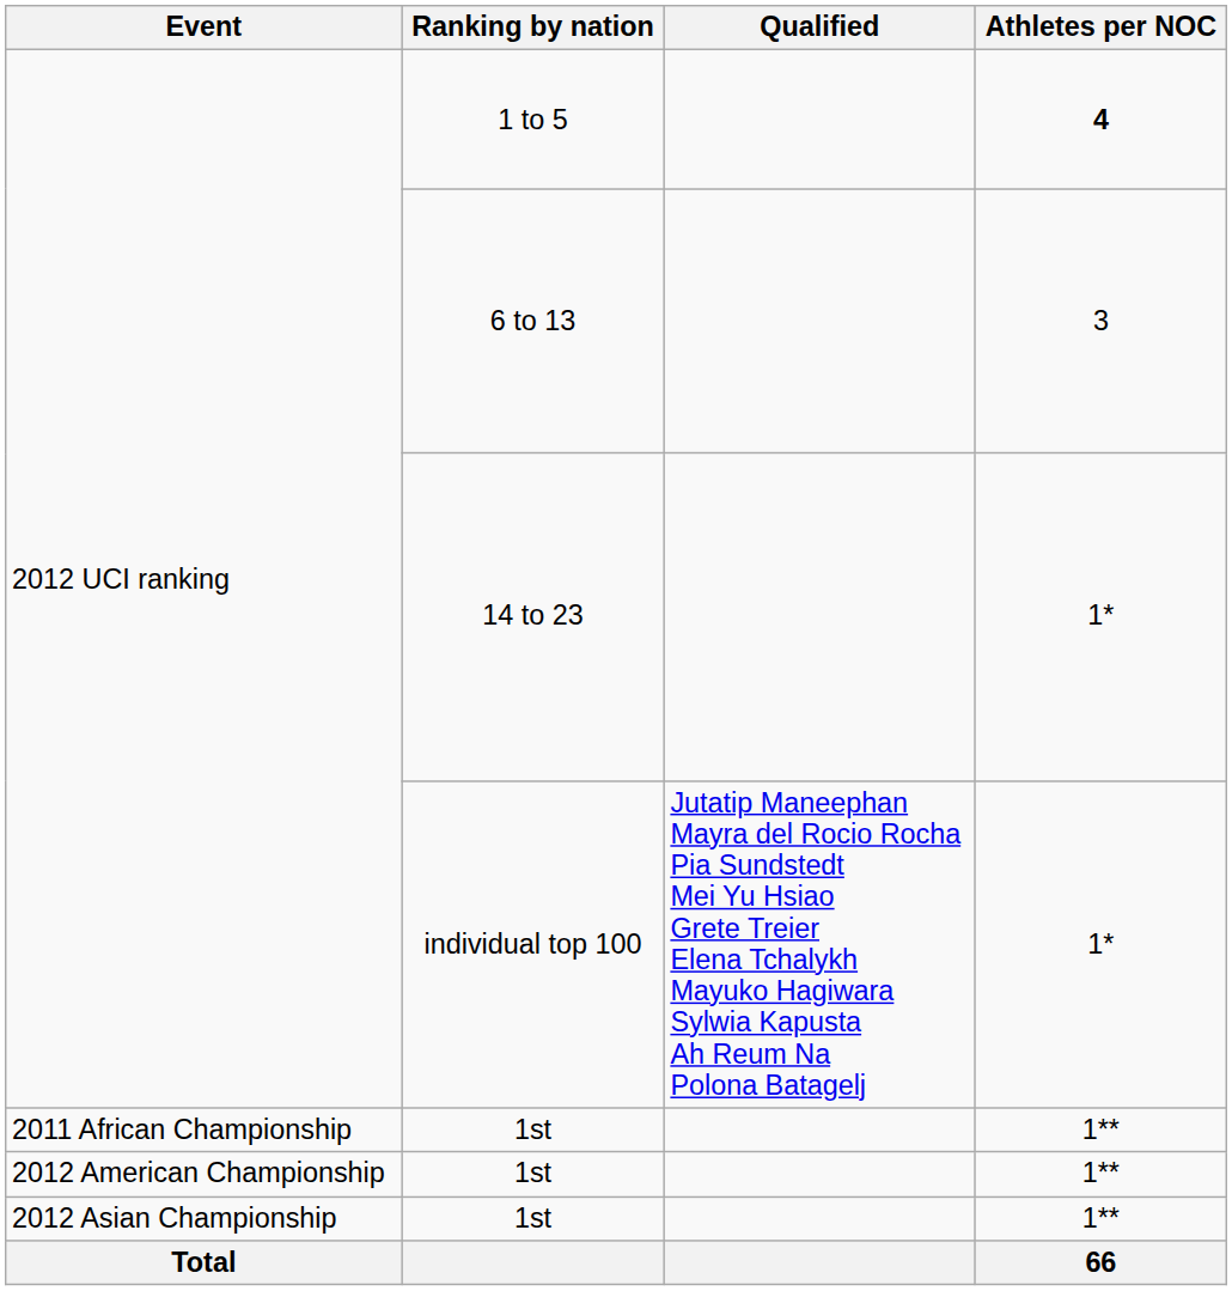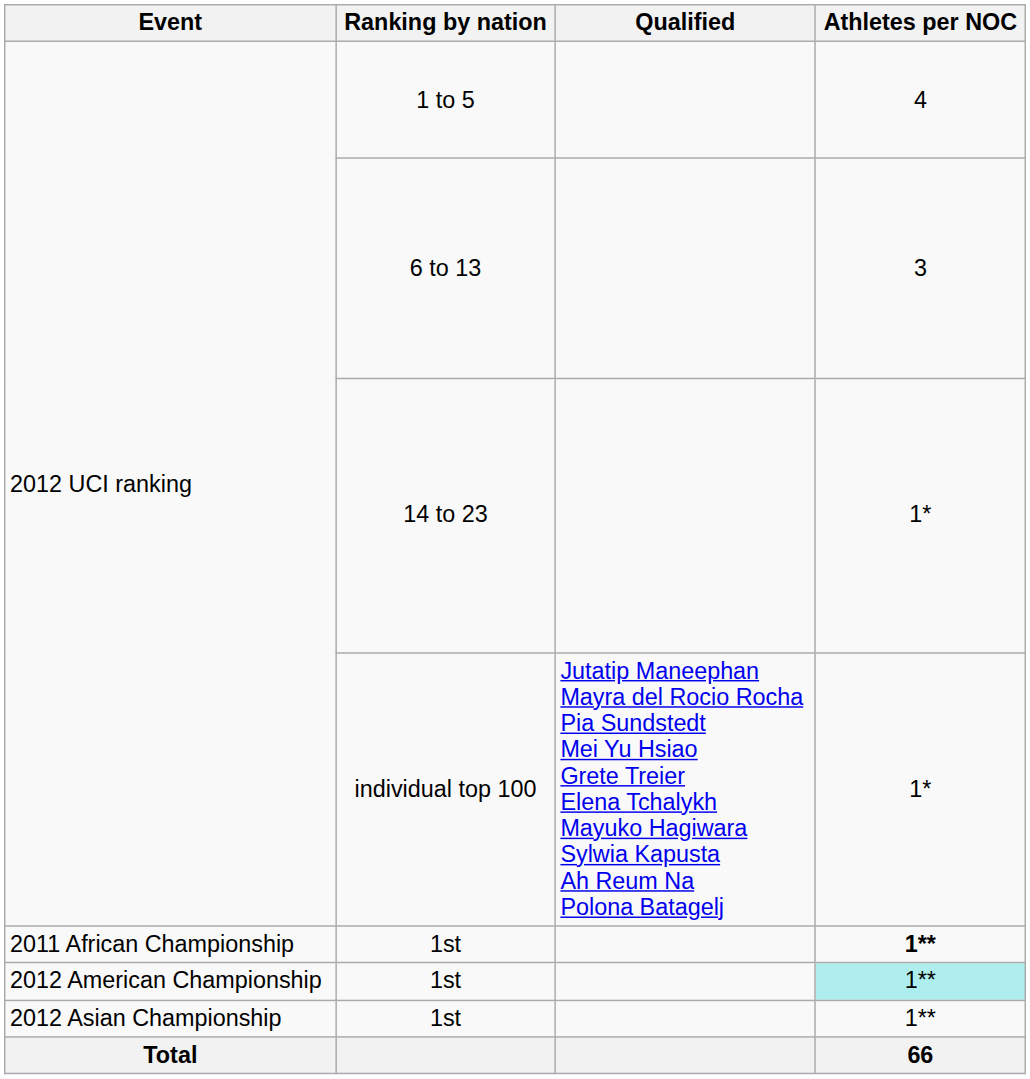 <table class="wikitable"  style="width:700px; text-align:center;">
 <tr>
 <th>Event</th>
 <th>Ranking by nation</th>
 <th>Qualified</th>
 <th>Athletes per NOC</th>
 </tr>
 <tr>
 <td rowspan="4" style="text-align:left;">2012 UCI ranking </td>
 <td>1 to 5</td>
 <td align="left"><br><br><br><br></td>
-<td><strong>4</strong></td>
+<td>4</td>
 </tr>
 <tr>
 <td>6 to 13</td>
 <td align="left"><br><br><br><br><br><br><br><br></td>
 <td>3</td>
 </tr>
 <tr>
 <td>14 to 23</td>
 <td align="left"><s></s><br> <br><br><br><br><br><br><br><br><br></td>
 <td>1*</td>
 </tr>
 <tr>
 <td>individual top 100</td>
 <td align="left"> <a href='#'>Jutatip Maneephan</a><br> <a href='#'>Mayra del Rocio Rocha</a><br> <a href='#'>Pia Sundstedt</a><br> <a href='#'>Mei Yu Hsiao</a><br> <a href='#'>Grete Treier</a><br> <a href='#'>Elena Tchalykh</a><br> <a href='#'>Mayuko Hagiwara</a><br> <a href='#'>Sylwia Kapusta</a><br> <a href='#'>Ah Reum Na</a><br> <a href='#'>Polona Batagelj</a></td>
 <td>1*</td>
 </tr>
 <tr>
 <td align="left">2011 African Championship</td>
 <td>1st</td>
 <td align="left"></td>
-<td>1**</td>
+<td><strong>1**</strong></td>
 </tr>
 <tr>
 <td align="left">2012 American Championship</td>
 <td>1st</td>
 <td align="left"></td>
-<td>1**</td>
+<td style="background: paleturquoise;">1**</td>
 </tr>
 <tr>
 <td align="left">2012 Asian Championship</td>
 <td>1st</td>
 <td align="left"></td>
 <td>1**</td>
 </tr>
 <tr>
 <th>Total</th>
 <th></th>
 <th></th>
 <th>66</th>
 </tr>
 </table>
